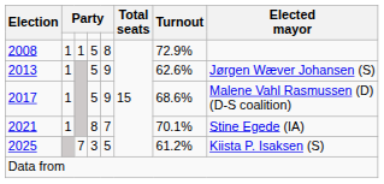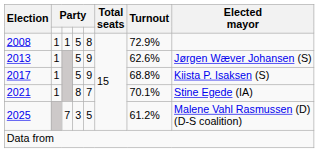 <table class="wikitable">
 <tr>
 <th rowspan="2">Election</th>
 <th colspan="4">Party</th>
 <th rowspan="2">Total<br>seats</th>
 <th rowspan="2">Turnout</th>
 <th rowspan="2">Elected<br>mayor</th>
 </tr>
 <tr>
 <td style="background:"><a href='#'></a></td>
 <td style="background:"><a href='#'></a></td>
 <td style="background:"><a href='#'></a></td>
 <td style="background:"><a href='#'></a></td>
 </tr>
 <tr>
 <td><a href='#'>2008</a></td>
 <td>1</td>
 <td>1</td>
 <td>5</td>
 <td>8</td>
 <td rowspan="5">15</td>
 <td>72.9%</td>
 <td></td>
 </tr>
 <tr>
 <td><a href='#'>2013</a></td>
 <td>1</td>
 <td style="background:#CDC9C9;" rowspan="3"></td>
 <td>5</td>
 <td>9</td>
 <td>62.6%</td>
 <td><a href='#'>Jørgen Wæver Johansen</a> (S)</td>
 </tr>
 <tr>
 <td><a href='#'>2017</a></td>
 <td>1</td>
 <td>5</td>
 <td>9</td>
-<td>68.6%</td>
-<td><a href='#'>Malene Vahl Rasmussen</a> (D) <br> (D-S coalition)</td>
+<td>68.8%</td>
+<td><a href='#'>Kiista P. Isaksen</a> (S)</td>
 </tr>
 <tr>
 <td><a href='#'>2021</a></td>
 <td>1</td>
 <td>8</td>
 <td>7</td>
 <td>70.1%</td>
 <td><a href='#'>Stine Egede</a> (IA)</td>
 </tr>
 <tr>
 <td><a href='#'>2025</a></td>
 <td style="background:#CDC9C9;"></td>
 <td>7</td>
 <td>3</td>
 <td>5</td>
 <td>61.2%</td>
-<td><a href='#'>Kiista P. Isaksen</a> (S)</td>
+<td><a href='#'>Malene Vahl Rasmussen</a> (D) <br> (D-S coalition)</td>
 </tr>
 <tr>
 <td colspan="14">Data from </td>
 </tr>
 </table>
